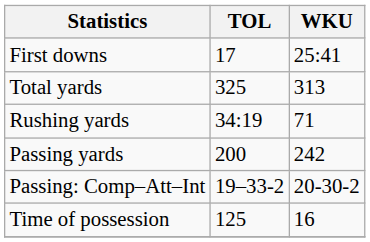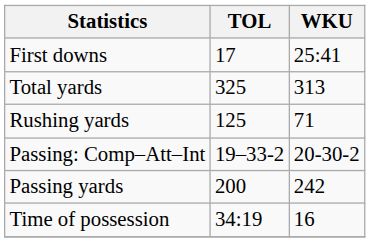 <table class="wikitable" style="float: left;">
 <tr>
 <th>Statistics</th>
 <th>TOL</th>
 <th>WKU</th>
 </tr>
 <tr>
 <td>First downs</td>
 <td>17</td>
 <td>25:41</td>
 </tr>
 <tr>
 <td>Total yards</td>
 <td>325</td>
 <td>313</td>
 </tr>
 <tr>
 <td>Rushing yards</td>
-<td>34:19</td>
+<td>125</td>
 <td>71</td>
+</tr>
+<tr>
+<td>Passing: Comp–Att–Int</td>
+<td>19–33-2</td>
+<td>20-30-2</td>
 </tr>
 <tr>
 <td>Passing yards</td>
 <td>200</td>
 <td>242</td>
 </tr>
 <tr>
-<td>Passing: Comp–Att–Int</td>
-<td>19–33-2</td>
-<td>20-30-2</td>
-</tr>
-<tr>
 <td>Time of possession</td>
-<td>125</td>
+<td>34:19</td>
 <td>16</td>
 </tr>
 <tr>
 </tr>
 </table>
